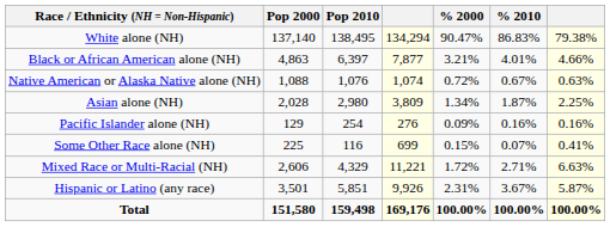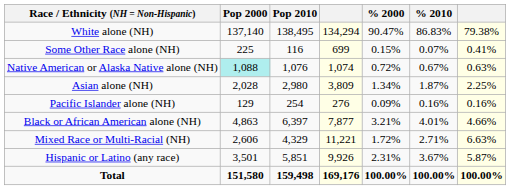 <table class="wikitable" style="text-align:center;">
 <tr>
 <th>Race / Ethnicity <small>(<em>NH = Non-Hispanic</em>)</small></th>
 <th>Pop 2000</th>
 <th>Pop 2010</th>
 <th></th>
 <th>% 2000</th>
 <th>% 2010</th>
 <th></th>
 </tr>
 <tr>
 <td><a href='#'>White</a> alone (NH)</td>
 <td>137,140</td>
 <td>138,495</td>
 <td style='background: #ffffe6;'>134,294</td>
 <td>90.47%</td>
 <td>86.83%</td>
 <td style='background: #ffffe6;'>79.38%</td>
 </tr>
 <tr>
-<td><a href='#'>Black or African American</a> alone (NH)</td>
-<td>4,863</td>
-<td>6,397</td>
-<td style='background: #ffffe6;'>7,877</td>
-<td>3.21%</td>
-<td>4.01%</td>
-<td style='background: #ffffe6;'>4.66%</td>
+<td><a href='#'>Some Other Race</a> alone (NH)</td>
+<td>225</td>
+<td>116</td>
+<td style='background: #ffffe6;'>699</td>
+<td>0.15%</td>
+<td>0.07%</td>
+<td style='background: #ffffe6;'>0.41%</td>
 </tr>
 <tr>
 <td><a href='#'>Native American</a> or <a href='#'>Alaska Native</a> alone (NH)</td>
-<td>1,088</td>
+<td style="background: paleturquoise;">1,088</td>
 <td>1,076</td>
 <td style='background: #ffffe6;'>1,074</td>
 <td>0.72%</td>
 <td>0.67%</td>
 <td style='background: #ffffe6;'>0.63%</td>
 </tr>
 <tr>
 <td><a href='#'>Asian</a> alone (NH)</td>
 <td>2,028</td>
 <td>2,980</td>
 <td style='background: #ffffe6;'>3,809</td>
 <td>1.34%</td>
 <td>1.87%</td>
 <td style='background: #ffffe6;'>2.25%</td>
 </tr>
 <tr>
 <td><a href='#'>Pacific Islander</a> alone (NH)</td>
 <td>129</td>
 <td>254</td>
 <td style='background: #ffffe6;'>276</td>
 <td>0.09%</td>
 <td>0.16%</td>
 <td style='background: #ffffe6;'>0.16%</td>
 </tr>
 <tr>
-<td><a href='#'>Some Other Race</a> alone (NH)</td>
-<td>225</td>
-<td>116</td>
-<td style='background: #ffffe6;'>699</td>
-<td>0.15%</td>
-<td>0.07%</td>
-<td style='background: #ffffe6;'>0.41%</td>
+<td><a href='#'>Black or African American</a> alone (NH)</td>
+<td>4,863</td>
+<td>6,397</td>
+<td style='background: #ffffe6;'>7,877</td>
+<td>3.21%</td>
+<td>4.01%</td>
+<td style='background: #ffffe6;'>4.66%</td>
 </tr>
 <tr>
 <td><a href='#'>Mixed Race or Multi-Racial</a> (NH)</td>
 <td>2,606</td>
 <td>4,329</td>
 <td style='background: #ffffe6;'>11,221</td>
 <td>1.72%</td>
 <td>2.71%</td>
 <td style='background: #ffffe6;'>6.63%</td>
 </tr>
 <tr>
 <td><a href='#'>Hispanic or Latino</a> (any race)</td>
 <td>3,501</td>
 <td>5,851</td>
 <td style='background: #ffffe6;'>9,926</td>
 <td>2.31%</td>
 <td>3.67%</td>
 <td style='background: #ffffe6;'>5.87%</td>
 </tr>
 <tr>
 <td><strong>Total</strong></td>
 <td><strong>151,580</strong></td>
 <td><strong>159,498</strong></td>
 <td style='background: #ffffe6;'><strong>169,176</strong></td>
 <td><strong>100.00%</strong></td>
 <td><strong>100.00%</strong></td>
 <td style='background: #ffffe6;'><strong>100.00%</strong></td>
 </tr>
 </table>
